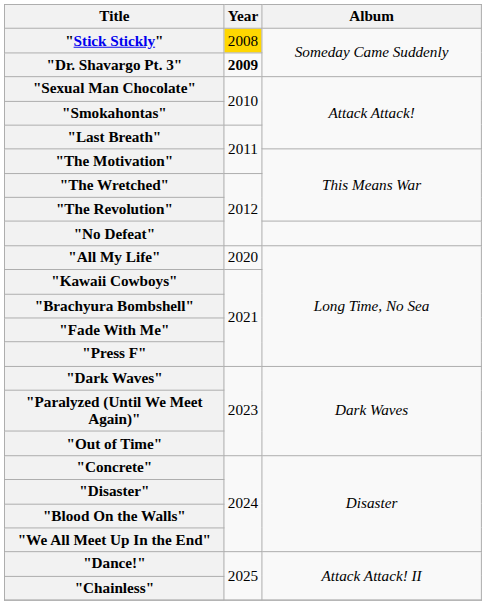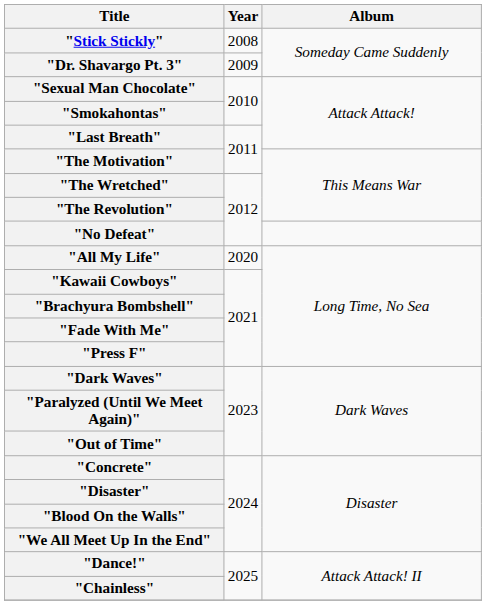 <table class="wikitable plainrowheaders" style="text-align:center;">
 <tr>
 <th scope="col" style="width:14em;">Title</th>
 <th scope="col">Year</th>
 <th scope="col" style="width:14em;">Album</th>
 </tr>
 <tr>
 <th scope="row">"<a href='#'>Stick Stickly</a>"</th>
-<td style="background: gold;">2008</td>
+<td>2008</td>
 <td rowspan="2"><em>Someday Came Suddenly</em></td>
 </tr>
 <tr>
 <th scope="row">"Dr. Shavargo Pt. 3"</th>
-<td><strong>2009</strong></td>
+<td>2009</td>
 </tr>
 <tr>
 <th scope="row">"Sexual Man Chocolate"</th>
 <td rowspan="2">2010</td>
 <td rowspan="3"><em>Attack Attack!</em></td>
 </tr>
 <tr>
 <th scope="row">"Smokahontas"</th>
 </tr>
 <tr>
 <th scope="row">"Last Breath"</th>
 <td rowspan="2">2011</td>
 </tr>
 <tr>
 <th scope="row">"The Motivation"</th>
 <td rowspan="3"><em>This Means War</em></td>
 </tr>
 <tr>
 <th scope="row">"The Wretched"</th>
 <td rowspan="3">2012</td>
 </tr>
 <tr>
 <th scope="row">"The Revolution"</th>
 </tr>
 <tr>
 <th scope="row">"No Defeat"</th>
 <td></td>
 </tr>
 <tr>
 <th scope="row">"All My Life"</th>
 <td>2020</td>
 <td rowspan="5"><em>Long Time, No Sea</em></td>
 </tr>
 <tr>
 <th scope="row">"Kawaii Cowboys"</th>
 <td rowspan="4">2021</td>
 </tr>
 <tr>
 <th scope="row">"Brachyura Bombshell"</th>
 </tr>
 <tr>
 <th scope="row">"Fade With Me"</th>
 </tr>
 <tr>
 <th scope="row">"Press F"</th>
 </tr>
 <tr>
 <th scope="row">"Dark Waves"</th>
 <td rowspan="3">2023</td>
 <td rowspan="3"><em>Dark Waves</em></td>
 </tr>
 <tr>
 <th scope="row">"Paralyzed (Until We Meet Again)"</th>
 </tr>
 <tr>
 <th scope="row">"Out of Time"</th>
 </tr>
 <tr>
 <th scope="row">"Concrete"</th>
 <td rowspan="4">2024</td>
 <td rowspan="4"><em>Disaster</em></td>
 </tr>
 <tr>
 <th scope="row">"Disaster"</th>
 </tr>
 <tr>
 <th scope="row">"Blood On the Walls"</th>
 </tr>
 <tr>
 <th scope="row">"We All Meet Up In the End"</th>
 </tr>
 <tr>
 <th scope="row">"Dance!"</th>
 <td rowspan="2">2025</td>
 <td rowspan="2"><em>Attack Attack! II</em></td>
 </tr>
 <tr>
 <th scope="row">"Chainless"</th>
 </tr>
 <tr>
 </tr>
 </table>
